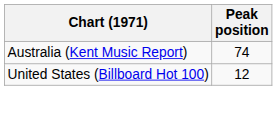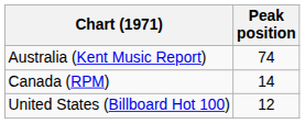 <table class="wikitable">
 <tr>
 <th scope="col">Chart (1971)</th>
 <th>Peak<br>position</th>
 </tr>
 <tr>
 <td>Australia (<a href='#'>Kent Music Report</a>)</td>
 <td style="text-align:center;">74</td>
 </tr>
 <tr>
+<td>Canada (<a href='#'>RPM</a>)</td>
+<td style="text-align:center;">14</td>
+</tr>
+<tr>
 <td>United States (<a href='#'>Billboard Hot 100</a>)</td>
 <td style="text-align:center;">12</td>
 </tr>
 </table>
